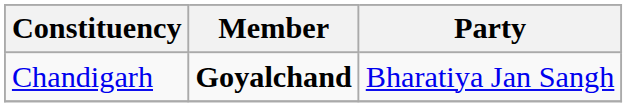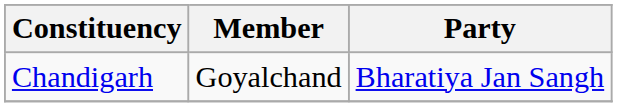 <table class="wikitable sortable">
 <tr>
 <th>Constituency</th>
 <th>Member</th>
 <th>Party</th>
 </tr>
 <tr>
 <td><a href='#'>Chandigarh</a></td>
-<td><strong>Goyalchand</strong></td>
+<td>Goyalchand</td>
 <td><a href='#'>Bharatiya Jan Sangh</a></td>
 </tr>
 <tr>
 </tr>
 </table>
